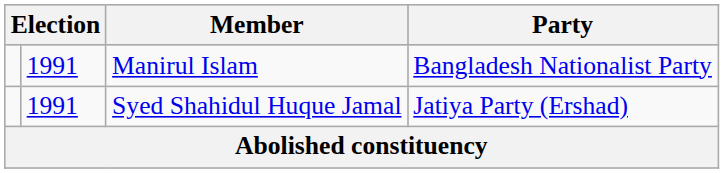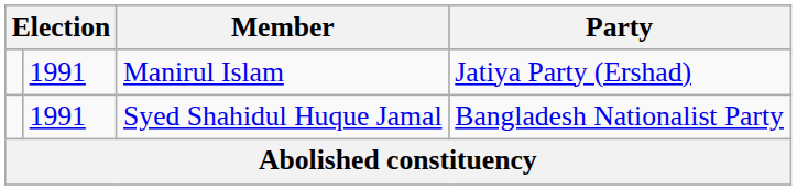 <table class="wikitable">
 <tr>
 <th colspan="2">Election</th>
 <th>Member</th>
 <th>Party</th>
 </tr>
 <tr>
 <td style="background-color:"></td>
 <td><a href='#'>1991</a></td>
 <td><a href='#'>Manirul Islam</a></td>
-<td><a href='#'>Bangladesh Nationalist Party</a></td>
+<td><a href='#'>Jatiya Party (Ershad)</a></td>
 </tr>
 <tr>
 <td style="background-color:"></td>
 <td><a href='#'>1991</a></td>
 <td><a href='#'>Syed Shahidul Huque Jamal</a></td>
-<td><a href='#'>Jatiya Party (Ershad)</a></td>
+<td><a href='#'>Bangladesh Nationalist Party</a></td>
 </tr>
 <tr>
 <th colspan="4">Abolished constituency</th>
 </tr>
 </table>
